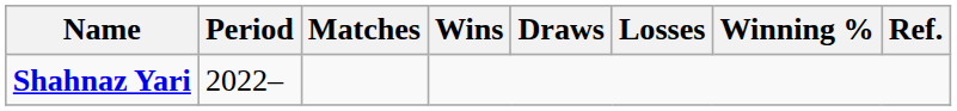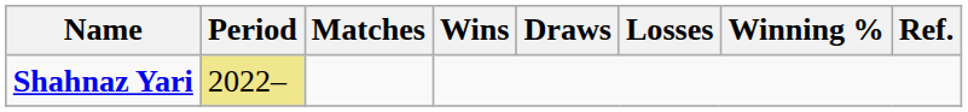 <table class="wikitable" style="text-align: right;">
 <tr>
 <th>Name</th>
 <th>Period</th>
 <th>Matches</th>
 <th>Wins</th>
 <th>Draws</th>
 <th>Losses</th>
 <th>Winning %</th>
 <th>Ref.</th>
 </tr>
 <tr>
 <td style="text-align: left;"> <strong><a href='#'>Shahnaz Yari</a></strong></td>
-<td style="text-align: left;">2022–<br></td>
+<td style="background: khaki; text-align: left;">2022–<br></td>
 <td align="center"></td>
 </tr>
 </table>
